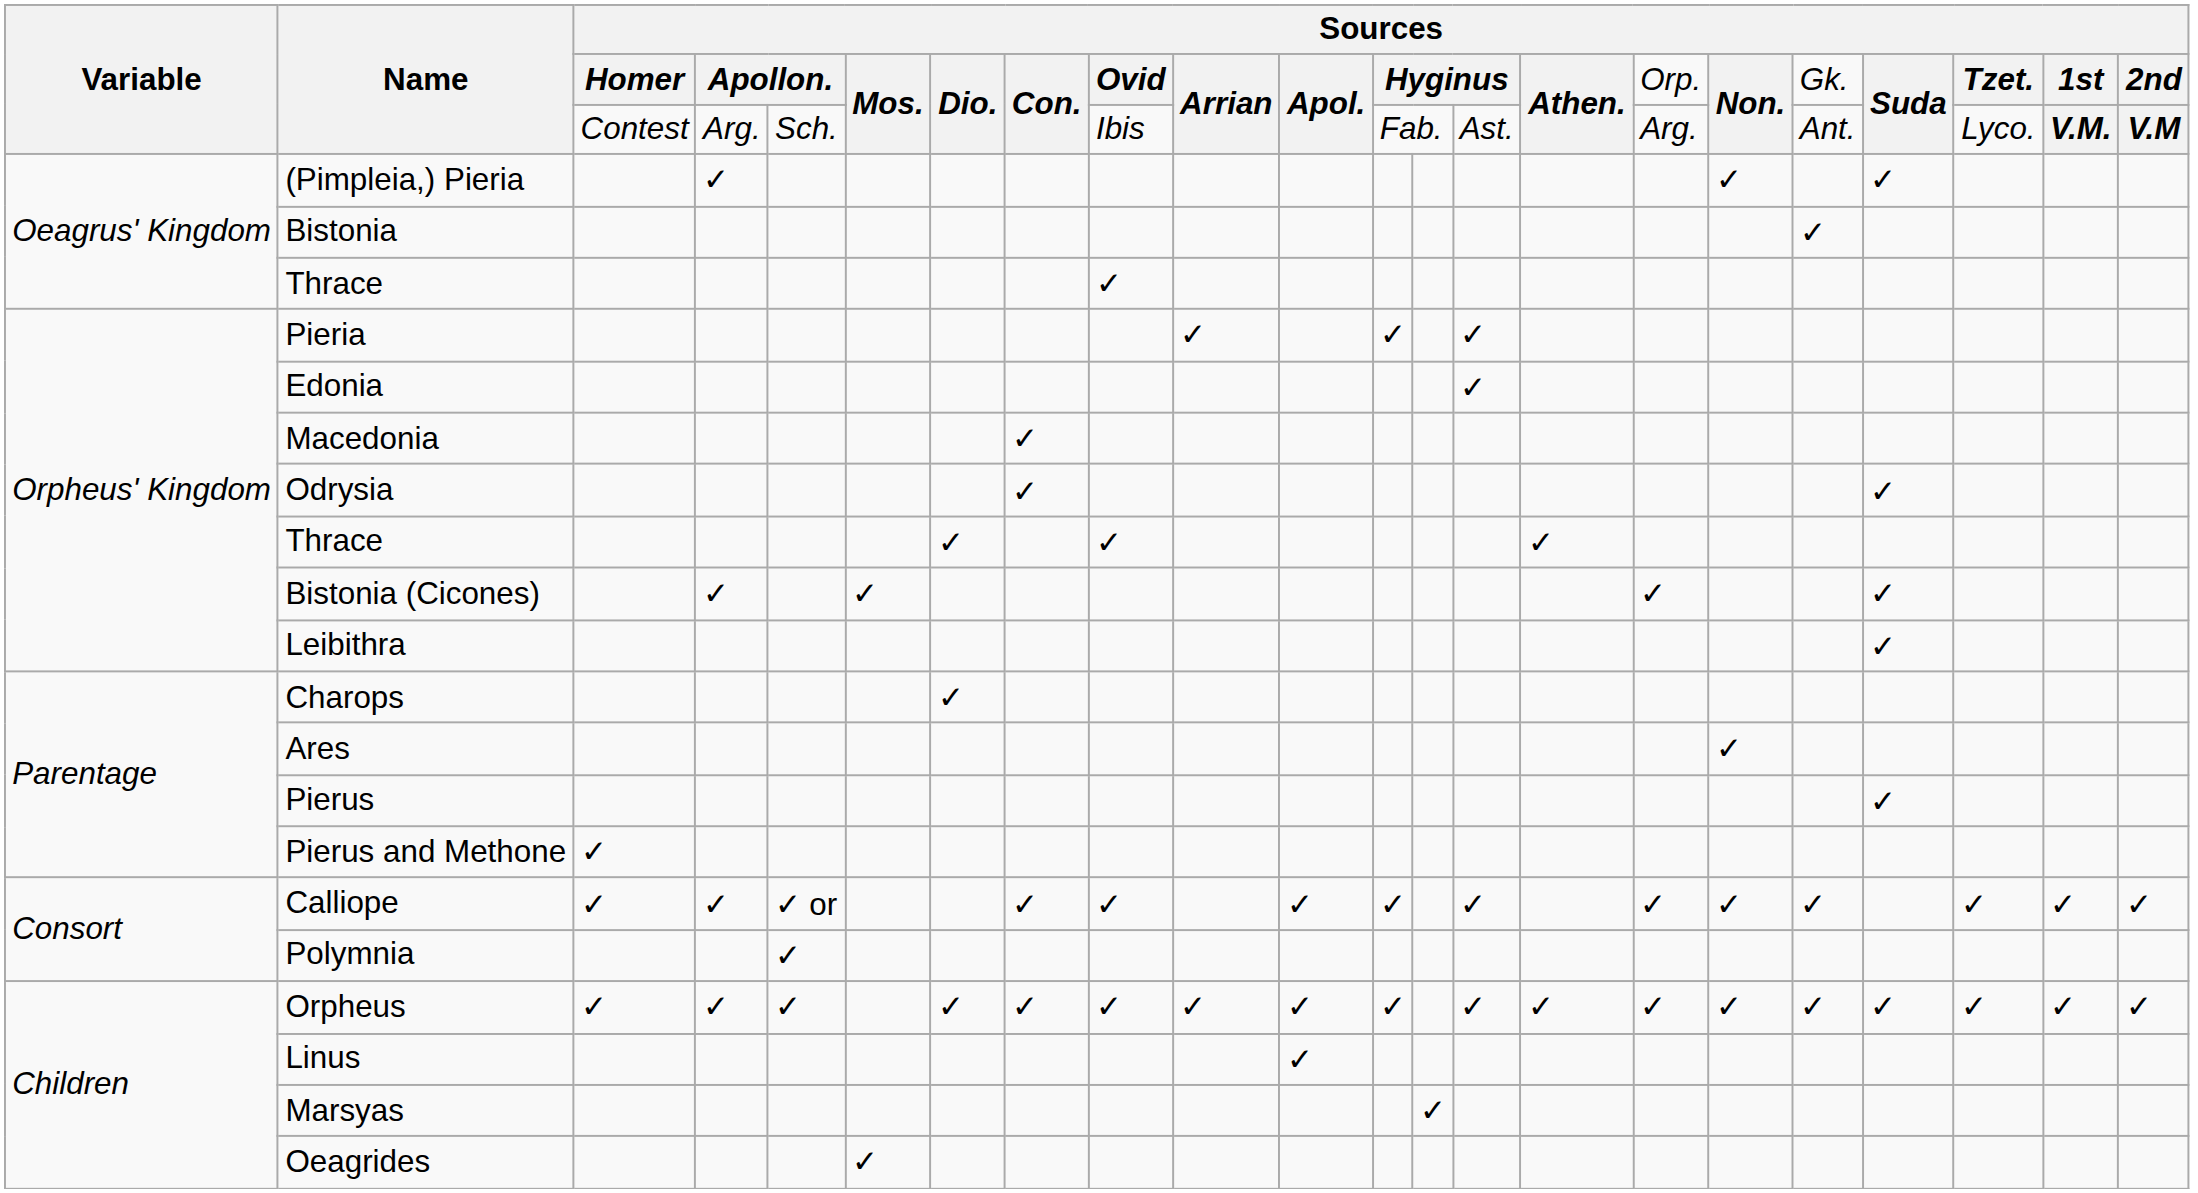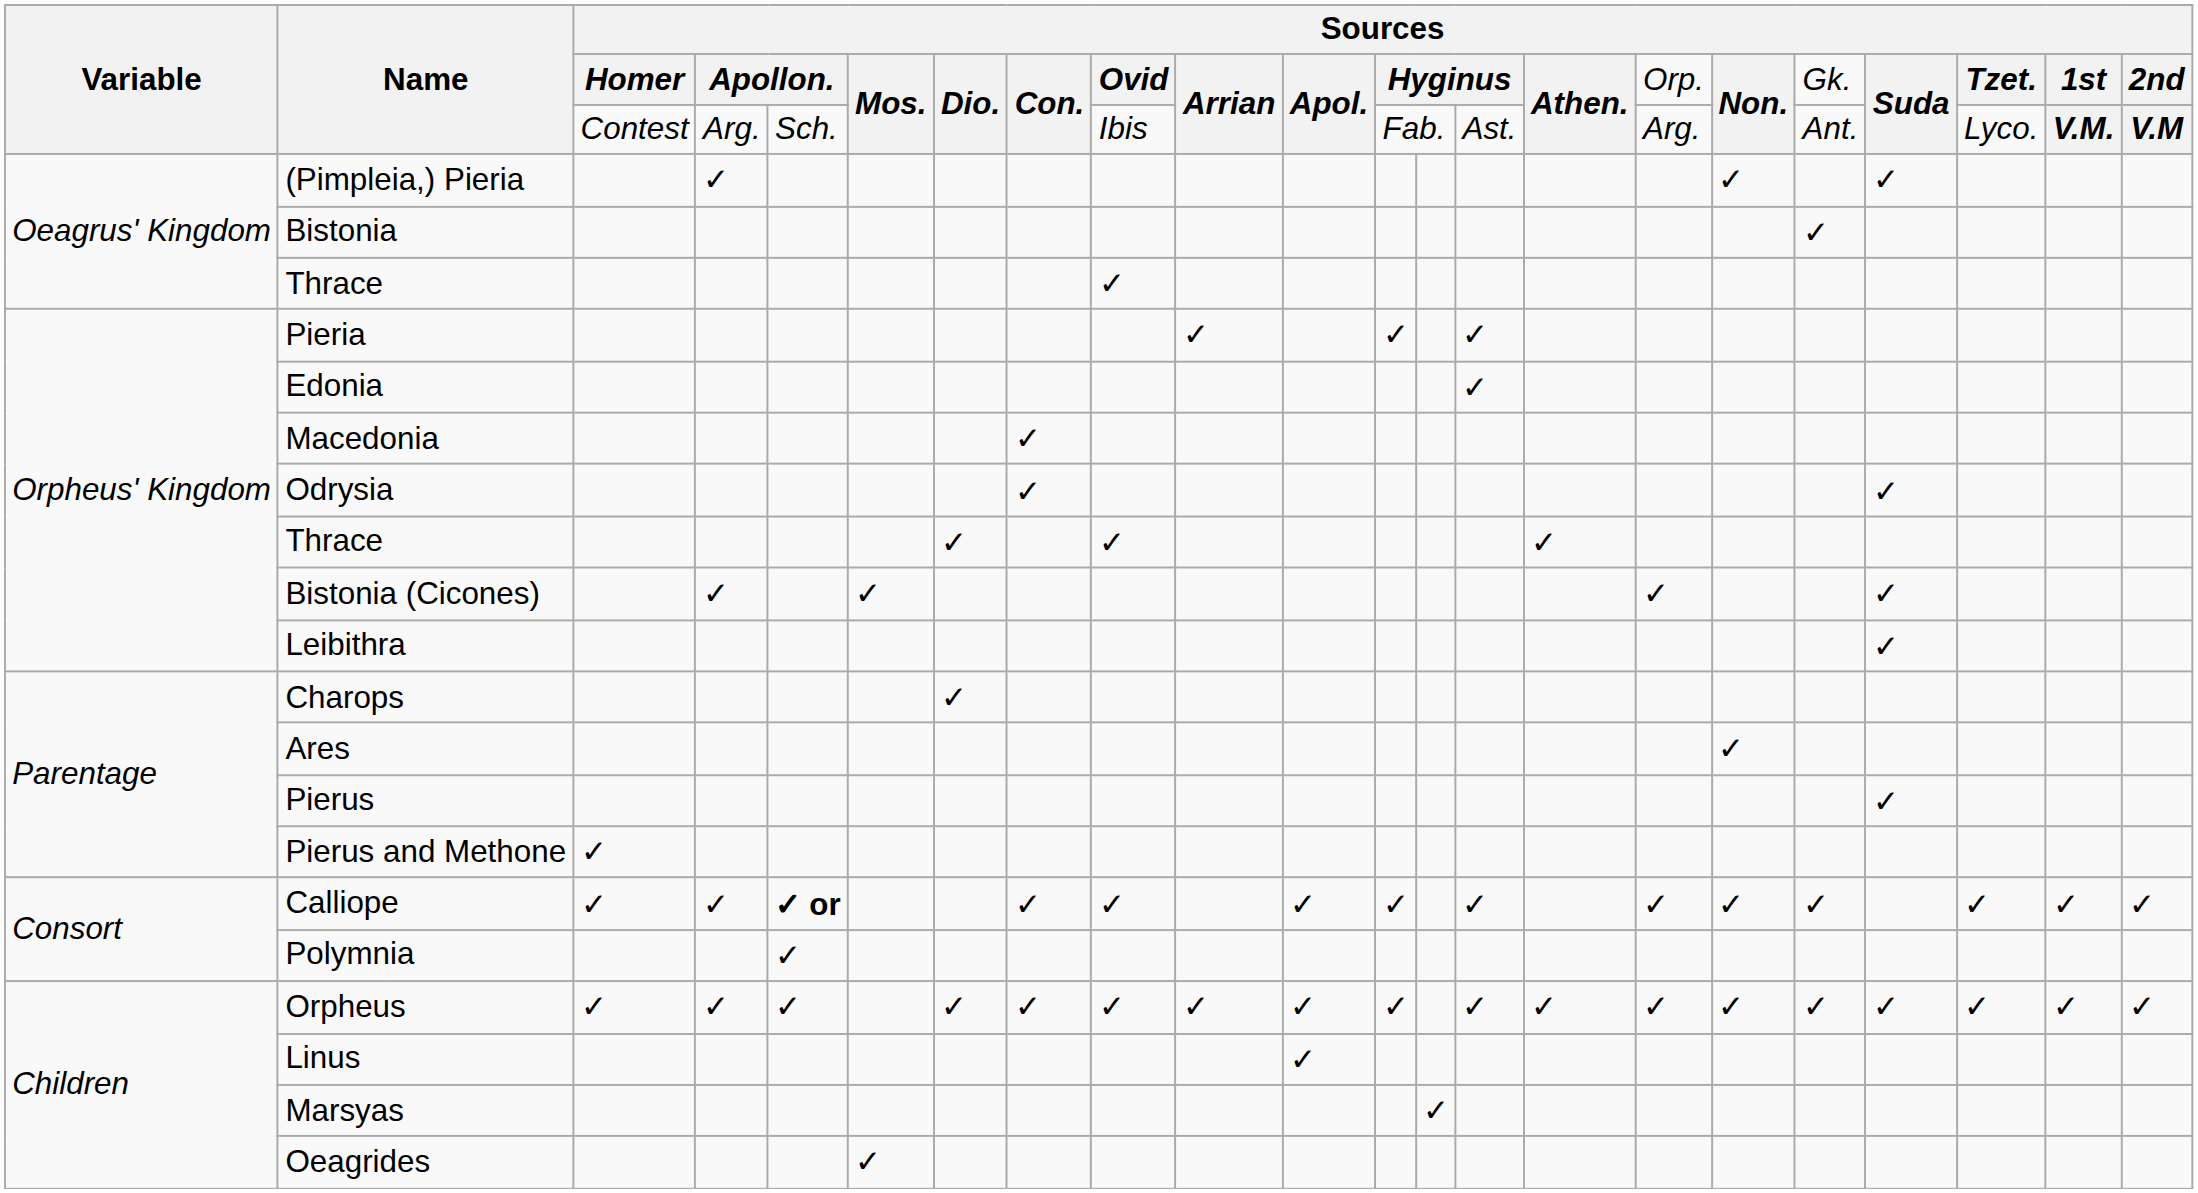 <table class="wikitable">
 <tr>
 <th rowspan="3">Variable</th>
 <th rowspan="3">Name</th>
 <th colspan="20">Sources</th>
 </tr>
 <tr>
 <th><em>Homer</em></th>
 <th colspan="2"><em>Apollon.</em></th>
 <th rowspan="2"><em>Mos.</em></th>
 <th rowspan="2"><em>Dio.</em></th>
 <th rowspan="2"><em>Con.</em></th>
 <th><em>Ovid</em></th>
 <th rowspan="2"><em>Arrian</em></th>
 <th rowspan="2"><em>Apol.</em></th>
 <th colspan="3"><em>Hyginus</em></th>
 <th rowspan="2"><em>Athen.</em></th>
 <td><em>Orp.</em></td>
 <th rowspan="2"><em>Non.</em></th>
 <td><em>Gk.</em></td>
 <th rowspan="2"><em>Suda</em></th>
 <th><em>Tzet.</em></th>
 <th><em>1st</em></th>
 <th><em>2nd</em></th>
 </tr>
 <tr>
 <td><em>Contest</em></td>
 <td><em>Arg.</em></td>
 <td><em>Sch.</em></td>
 <td><em>Ibis</em></td>
 <td colspan="2"><em>Fab.</em></td>
 <td><em>Ast.</em></td>
 <td><em>Arg.</em></td>
 <td><em>Ant.</em></td>
 <td><em>Lyco.</em></td>
 <th><em>V.M.</em></th>
 <th><em>V.M</em></th>
 </tr>
 <tr>
 <td rowspan="3"><em>Oeagrus' Kingdom</em></td>
 <td>(Pimpleia,) Pieria</td>
 <td></td>
 <td>✓</td>
 <td></td>
 <td></td>
 <td></td>
 <td></td>
 <td></td>
 <td></td>
 <td></td>
 <td></td>
 <td></td>
 <td></td>
 <td></td>
 <td></td>
 <td>✓</td>
 <td></td>
 <td>✓</td>
 <td></td>
 <td></td>
 <td></td>
 </tr>
 <tr>
 <td>Bistonia</td>
 <td></td>
 <td></td>
 <td></td>
 <td></td>
 <td></td>
 <td></td>
 <td></td>
 <td></td>
 <td></td>
 <td></td>
 <td></td>
 <td></td>
 <td></td>
 <td></td>
 <td></td>
 <td>✓</td>
 <td></td>
 <td></td>
 <td></td>
 <td></td>
 </tr>
 <tr>
 <td>Thrace</td>
 <td></td>
 <td></td>
 <td></td>
 <td></td>
 <td></td>
 <td></td>
 <td>✓</td>
 <td></td>
 <td></td>
 <td></td>
 <td></td>
 <td></td>
 <td></td>
 <td></td>
 <td></td>
 <td></td>
 <td></td>
 <td></td>
 <td></td>
 <td></td>
 </tr>
 <tr>
 <td rowspan="7"><em>Orpheus' Kingdom</em></td>
 <td>Pieria</td>
 <td></td>
 <td></td>
 <td></td>
 <td></td>
 <td></td>
 <td></td>
 <td></td>
 <td>✓</td>
 <td></td>
 <td>✓</td>
 <td></td>
 <td>✓</td>
 <td></td>
 <td></td>
 <td></td>
 <td></td>
 <td></td>
 <td></td>
 <td></td>
 <td></td>
 </tr>
 <tr>
 <td>Edonia</td>
 <td></td>
 <td></td>
 <td></td>
 <td></td>
 <td></td>
 <td></td>
 <td></td>
 <td></td>
 <td></td>
 <td></td>
 <td></td>
 <td>✓</td>
 <td></td>
 <td></td>
 <td></td>
 <td></td>
 <td></td>
 <td></td>
 <td></td>
 <td></td>
 </tr>
 <tr>
 <td>Macedonia</td>
 <td></td>
 <td></td>
 <td></td>
 <td></td>
 <td></td>
 <td>✓</td>
 <td></td>
 <td></td>
 <td></td>
 <td></td>
 <td></td>
 <td></td>
 <td></td>
 <td></td>
 <td></td>
 <td></td>
 <td></td>
 <td></td>
 <td></td>
 <td></td>
 </tr>
 <tr>
 <td>Odrysia</td>
 <td></td>
 <td></td>
 <td></td>
 <td></td>
 <td></td>
 <td>✓</td>
 <td></td>
 <td></td>
 <td></td>
 <td></td>
 <td></td>
 <td></td>
 <td></td>
 <td></td>
 <td></td>
 <td></td>
 <td>✓</td>
 <td></td>
 <td></td>
 <td></td>
 </tr>
 <tr>
 <td>Thrace</td>
 <td></td>
 <td></td>
 <td></td>
 <td></td>
 <td>✓</td>
 <td></td>
 <td>✓</td>
 <td></td>
 <td></td>
 <td></td>
 <td></td>
 <td></td>
 <td>✓</td>
 <td></td>
 <td></td>
 <td></td>
 <td></td>
 <td></td>
 <td></td>
 <td></td>
 </tr>
 <tr>
 <td>Bistonia (Cicones)</td>
 <td></td>
 <td>✓</td>
 <td></td>
 <td>✓</td>
 <td></td>
 <td></td>
 <td></td>
 <td></td>
 <td></td>
 <td></td>
 <td></td>
 <td></td>
 <td></td>
 <td>✓</td>
 <td></td>
 <td></td>
 <td>✓</td>
 <td></td>
 <td></td>
 <td></td>
 </tr>
 <tr>
 <td>Leibithra</td>
 <td></td>
 <td></td>
 <td></td>
 <td></td>
 <td></td>
 <td></td>
 <td></td>
 <td></td>
 <td></td>
 <td></td>
 <td></td>
 <td></td>
 <td></td>
 <td></td>
 <td></td>
 <td></td>
 <td>✓</td>
 <td></td>
 <td></td>
 <td></td>
 </tr>
 <tr>
 <td rowspan="4"><em>Parentage</em></td>
 <td>Charops</td>
 <td></td>
 <td></td>
 <td></td>
 <td></td>
 <td>✓</td>
 <td></td>
 <td></td>
 <td></td>
 <td></td>
 <td></td>
 <td></td>
 <td></td>
 <td></td>
 <td></td>
 <td></td>
 <td></td>
 <td></td>
 <td></td>
 <td></td>
 <td></td>
 </tr>
 <tr>
 <td>Ares</td>
 <td></td>
 <td></td>
 <td></td>
 <td></td>
 <td></td>
 <td></td>
 <td></td>
 <td></td>
 <td></td>
 <td></td>
 <td></td>
 <td></td>
 <td></td>
 <td></td>
 <td>✓</td>
 <td></td>
 <td></td>
 <td></td>
 <td></td>
 <td></td>
 </tr>
 <tr>
 <td>Pierus</td>
 <td></td>
 <td></td>
 <td></td>
 <td></td>
 <td></td>
 <td></td>
 <td></td>
 <td></td>
 <td></td>
 <td></td>
 <td></td>
 <td></td>
 <td></td>
 <td></td>
 <td></td>
 <td></td>
 <td>✓</td>
 <td></td>
 <td></td>
 <td></td>
 </tr>
 <tr>
 <td>Pierus and Methone</td>
 <td>✓</td>
 <td></td>
 <td></td>
 <td></td>
 <td></td>
 <td></td>
 <td></td>
 <td></td>
 <td></td>
 <td></td>
 <td></td>
 <td></td>
 <td></td>
 <td></td>
 <td></td>
 <td></td>
 <td></td>
 <td></td>
 <td></td>
 <td></td>
 </tr>
 <tr>
 <td rowspan="2"><em>Consort</em></td>
 <td>Calliope</td>
 <td>✓</td>
 <td>✓</td>
-<td>✓ or</td>
+<td><strong>✓ or</strong></td>
 <td></td>
 <td></td>
 <td>✓</td>
 <td>✓</td>
 <td></td>
 <td>✓</td>
 <td>✓</td>
 <td></td>
 <td>✓</td>
 <td></td>
 <td>✓</td>
 <td>✓</td>
 <td>✓</td>
 <td></td>
 <td>✓</td>
 <td>✓</td>
 <td>✓</td>
 </tr>
 <tr>
 <td>Polymnia</td>
 <td></td>
 <td></td>
 <td>✓</td>
 <td></td>
 <td></td>
 <td></td>
 <td></td>
 <td></td>
 <td></td>
 <td></td>
 <td></td>
 <td></td>
 <td></td>
 <td></td>
 <td></td>
 <td></td>
 <td></td>
 <td></td>
 <td></td>
 <td></td>
 </tr>
 <tr>
 <td rowspan="4"><em>Children</em></td>
 <td>Orpheus</td>
 <td>✓</td>
 <td>✓</td>
 <td>✓</td>
 <td></td>
 <td>✓</td>
 <td>✓</td>
 <td>✓</td>
 <td>✓</td>
 <td>✓</td>
 <td>✓</td>
 <td></td>
 <td>✓</td>
 <td>✓</td>
 <td>✓</td>
 <td>✓</td>
 <td>✓</td>
 <td>✓</td>
 <td>✓</td>
 <td>✓</td>
 <td>✓</td>
 </tr>
 <tr>
 <td>Linus</td>
 <td></td>
 <td></td>
 <td></td>
 <td></td>
 <td></td>
 <td></td>
 <td></td>
 <td></td>
 <td>✓</td>
 <td></td>
 <td></td>
 <td></td>
 <td></td>
 <td></td>
 <td></td>
 <td></td>
 <td></td>
 <td></td>
 <td></td>
 <td></td>
 </tr>
 <tr>
 <td>Marsyas</td>
 <td></td>
 <td></td>
 <td></td>
 <td></td>
 <td></td>
 <td></td>
 <td></td>
 <td></td>
 <td></td>
 <td></td>
 <td>✓</td>
 <td></td>
 <td></td>
 <td></td>
 <td></td>
 <td></td>
 <td></td>
 <td></td>
 <td></td>
 <td></td>
 </tr>
 <tr>
 <td>Oeagrides</td>
 <td></td>
 <td></td>
 <td></td>
 <td>✓</td>
 <td></td>
 <td></td>
 <td></td>
 <td></td>
 <td></td>
 <td></td>
 <td></td>
 <td></td>
 <td></td>
 <td></td>
 <td></td>
 <td></td>
 <td></td>
 <td></td>
 <td></td>
 <td></td>
 </tr>
 </table>
